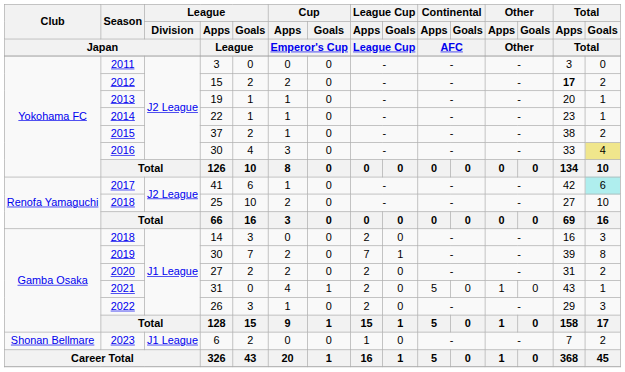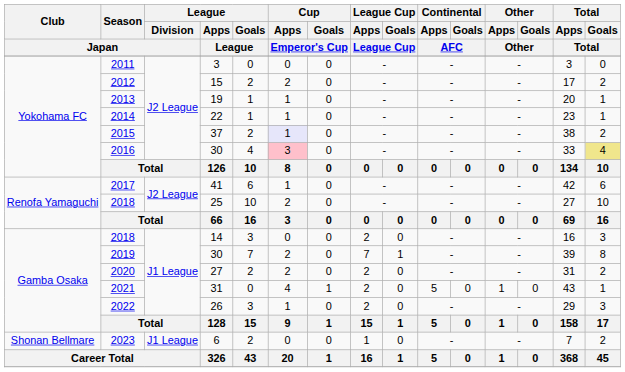 <table class="wikitable" style="text-align:center">
 <tr>
 <th rowspan=2>Club</th>
 <th rowspan=2>Season</th>
 <th colspan=3>League</th>
 <th colspan=2>Cup</th>
 <th colspan=2>League Cup</th>
 <th colspan=2>Continental</th>
 <th colspan=2>Other</th>
 <th colspan=2>Total</th>
 </tr>
 <tr>
 <th>Division</th>
 <th>Apps</th>
 <th>Goals</th>
 <th>Apps</th>
 <th>Goals</th>
 <th>Apps</th>
 <th>Goals</th>
 <th>Apps</th>
 <th>Goals</th>
 <th>Apps</th>
 <th>Goals</th>
 <th>Apps</th>
 <th>Goals</th>
 </tr>
 <tr>
 <th colspan=3>Japan</th>
 <th colspan=2>League</th>
 <th colspan=2><a href='#'>Emperor's Cup</a></th>
 <th colspan=2><a href='#'>League Cup</a></th>
 <th colspan=2><a href='#'>AFC</a></th>
 <th colspan=2>Other</th>
 <th colspan=2>Total</th>
 </tr>
 <tr>
 </tr>
 <tr>
 <td rowspan="7"><a href='#'>Yokohama FC</a></td>
 <td><a href='#'>2011</a></td>
 <td rowspan="6"><a href='#'>J2 League</a></td>
 <td>3</td>
 <td>0</td>
 <td>0</td>
 <td>0</td>
 <td colspan="2">-</td>
 <td colspan="2">-</td>
 <td colspan="2">-</td>
 <td>3</td>
 <td>0</td>
 </tr>
 <tr>
 <td><a href='#'>2012</a></td>
 <td>15</td>
 <td>2</td>
 <td>2</td>
 <td>0</td>
 <td colspan="2">-</td>
 <td colspan="2">-</td>
 <td colspan="2">-</td>
-<td><strong>17</strong></td>
+<td>17</td>
 <td>2</td>
 </tr>
 <tr>
 <td><a href='#'>2013</a></td>
 <td>19</td>
 <td>1</td>
 <td>1</td>
 <td>0</td>
 <td colspan="2">-</td>
 <td colspan="2">-</td>
 <td colspan="2">-</td>
 <td>20</td>
 <td>1</td>
 </tr>
 <tr>
 <td><a href='#'>2014</a></td>
 <td>22</td>
 <td>1</td>
 <td>1</td>
 <td>0</td>
 <td colspan="2">-</td>
 <td colspan="2">-</td>
 <td colspan="2">-</td>
 <td>23</td>
 <td>1</td>
 </tr>
 <tr>
 <td><a href='#'>2015</a></td>
 <td>37</td>
 <td>2</td>
-<td>1</td>
+<td style="background: lavender;">1</td>
 <td>0</td>
 <td colspan="2">-</td>
 <td colspan="2">-</td>
 <td colspan="2">-</td>
 <td>38</td>
 <td>2</td>
 </tr>
 <tr>
 <td><a href='#'>2016</a></td>
 <td>30</td>
 <td>4</td>
-<td>3</td>
+<td style="background: pink;">3</td>
 <td>0</td>
 <td colspan="2">-</td>
 <td colspan="2">-</td>
 <td colspan="2">-</td>
 <td>33</td>
 <td style="background: khaki;">4</td>
 </tr>
 <tr>
 <th colspan="2">Total</th>
 <th>126</th>
 <th>10</th>
 <th>8</th>
 <th>0</th>
 <th>0</th>
 <th>0</th>
 <th>0</th>
 <th>0</th>
 <th>0</th>
 <th>0</th>
 <th>134</th>
 <th>10</th>
 </tr>
 <tr>
 <td rowspan="3"><a href='#'>Renofa Yamaguchi</a></td>
 <td><a href='#'>2017</a></td>
 <td rowspan=2><a href='#'>J2 League</a></td>
 <td>41</td>
 <td>6</td>
 <td>1</td>
 <td>0</td>
 <td colspan="2">-</td>
 <td colspan="2">-</td>
 <td colspan="2">-</td>
 <td>42</td>
-<td style="background: paleturquoise;">6</td>
+<td>6</td>
 </tr>
 <tr>
 <td><a href='#'>2018</a></td>
 <td>25</td>
 <td>10</td>
 <td>2</td>
 <td>0</td>
 <td colspan="2">-</td>
 <td colspan="2">-</td>
 <td colspan="2">-</td>
 <td>27</td>
 <td>10</td>
 </tr>
 <tr>
 <th colspan="2">Total</th>
 <th>66</th>
 <th>16</th>
 <th>3</th>
 <th>0</th>
 <th>0</th>
 <th>0</th>
 <th>0</th>
 <th>0</th>
 <th>0</th>
 <th>0</th>
 <th>69</th>
 <th>16</th>
 </tr>
 <tr>
 <td rowspan="6"><a href='#'>Gamba Osaka</a></td>
 <td><a href='#'>2018</a></td>
 <td rowspan="5"><a href='#'>J1 League</a></td>
 <td>14</td>
 <td>3</td>
 <td>0</td>
 <td>0</td>
 <td>2</td>
 <td>0</td>
 <td colspan="2">-</td>
 <td colspan="2">-</td>
 <td>16</td>
 <td>3</td>
 </tr>
 <tr>
 <td><a href='#'>2019</a></td>
 <td>30</td>
 <td>7</td>
 <td>2</td>
 <td>0</td>
 <td>7</td>
 <td>1</td>
 <td colspan="2">-</td>
 <td colspan="2">-</td>
 <td>39</td>
 <td>8</td>
 </tr>
 <tr>
 <td><a href='#'>2020</a></td>
 <td>27</td>
 <td>2</td>
 <td>2</td>
 <td>0</td>
 <td>2</td>
 <td>0</td>
 <td colspan="2">-</td>
 <td colspan="2">-</td>
 <td>31</td>
 <td>2</td>
 </tr>
 <tr>
 <td><a href='#'>2021</a></td>
 <td>31</td>
 <td>0</td>
 <td>4</td>
 <td>1</td>
 <td>2</td>
 <td>0</td>
 <td>5</td>
 <td>0</td>
 <td>1</td>
 <td>0</td>
 <td>43</td>
 <td>1</td>
 </tr>
 <tr>
 <td><a href='#'>2022</a></td>
 <td>26</td>
 <td>3</td>
 <td>1</td>
 <td>0</td>
 <td>2</td>
 <td>0</td>
 <td colspan="2">-</td>
 <td colspan="2">-</td>
 <td>29</td>
 <td>3</td>
 </tr>
 <tr>
 <th colspan="2">Total</th>
 <th>128</th>
 <th>15</th>
 <th>9</th>
 <th>1</th>
 <th>15</th>
 <th>1</th>
 <th>5</th>
 <th>0</th>
 <th>1</th>
 <th>0</th>
 <th>158</th>
 <th>17</th>
 </tr>
 <tr>
 <td><a href='#'>Shonan Bellmare</a></td>
 <td><a href='#'>2023</a></td>
 <td><a href='#'>J1 League</a></td>
 <td>6</td>
 <td>2</td>
 <td>0</td>
 <td>0</td>
 <td>1</td>
 <td>0</td>
 <td colspan="2">-</td>
 <td colspan="2">-</td>
 <td>7</td>
 <td>2</td>
 </tr>
 <tr>
 <th colspan="3">Career Total</th>
 <th>326</th>
 <th>43</th>
 <th>20</th>
 <th>1</th>
 <th>16</th>
 <th>1</th>
 <th>5</th>
 <th>0</th>
 <th>1</th>
 <th>0</th>
 <th>368</th>
 <th>45</th>
 </tr>
 <tr>
 </tr>
 </table>
